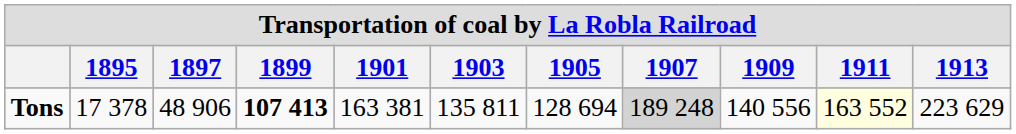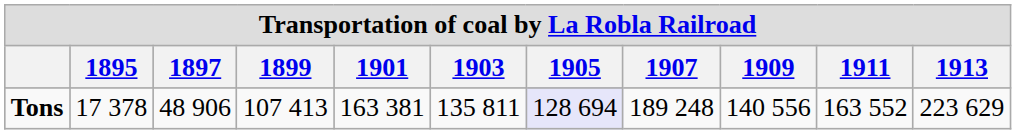 <table class="wikitable">
 <tr>
 <th colspan="14" style="background: #DDDDDD;"> Transportation of coal by <a href='#'>La Robla Railroad</a></th>
 </tr>
 <tr bgcolor="#EFEFEF">
 <th></th>
 <th><a href='#'>1895</a></th>
 <th><a href='#'>1897</a></th>
 <th><a href='#'>1899</a></th>
 <th><a href='#'>1901</a></th>
 <th><a href='#'>1903</a></th>
 <th><a href='#'>1905</a></th>
 <th><a href='#'>1907</a></th>
 <th><a href='#'>1909</a></th>
 <th><a href='#'>1911</a></th>
 <th><a href='#'>1913</a></th>
 </tr>
 <tr>
 <td><strong>Tons</strong></td>
 <td>17 378</td>
 <td>48 906</td>
-<td><strong>107 413</strong></td>
+<td>107 413</td>
 <td>163 381</td>
 <td>135 811</td>
-<td>128 694</td>
-<td style="background: lightgrey;">189 248</td>
+<td style="background: lavender;">128 694</td>
+<td>189 248</td>
 <td>140 556</td>
-<td style="background: lightyellow;">163 552</td>
+<td>163 552</td>
 <td>223 629</td>
 </tr>
 </table>
